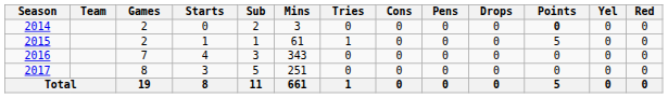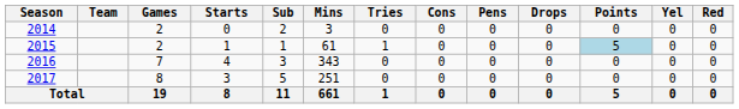 <table class="wikitable" style="text-align:center; line-height:90%; font-size:95%; width:60%;">
 <tr>
 <th>Season</th>
 <th>Team</th>
 <th>Games</th>
 <th>Starts</th>
 <th>Sub</th>
 <th>Mins</th>
 <th>Tries</th>
 <th>Cons</th>
 <th>Pens</th>
 <th>Drops</th>
 <th>Points</th>
 <th>Yel</th>
 <th>Red</th>
 </tr>
 <tr>
 <td><a href='#'>2014</a></td>
 <td></td>
 <td>2</td>
 <td>0</td>
 <td>2</td>
 <td>3</td>
 <td>0</td>
 <td>0</td>
 <td>0</td>
 <td>0</td>
-<td><strong>0</strong></td>
+<td>0</td>
 <td>0</td>
 <td>0</td>
 </tr>
 <tr>
 <td><a href='#'>2015</a></td>
 <td></td>
 <td>2</td>
 <td>1</td>
 <td>1</td>
 <td>61</td>
 <td>1</td>
 <td>0</td>
 <td>0</td>
 <td>0</td>
-<td>5</td>
+<td style="background: lightblue;">5</td>
 <td>0</td>
 <td>0</td>
 </tr>
 <tr>
 <td><a href='#'>2016</a></td>
 <td></td>
 <td>7</td>
 <td>4</td>
 <td>3</td>
 <td>343</td>
 <td>0</td>
 <td>0</td>
 <td>0</td>
 <td>0</td>
 <td>0</td>
 <td>0</td>
 <td>0</td>
 </tr>
 <tr>
 <td><a href='#'>2017</a></td>
 <td></td>
 <td>8</td>
 <td>3</td>
 <td>5</td>
 <td>251</td>
 <td>0</td>
 <td>0</td>
 <td>0</td>
 <td>0</td>
 <td>0</td>
 <td>0</td>
 <td>0</td>
 </tr>
 <tr>
 <th colspan="2">Total</th>
 <th>19</th>
 <th>8</th>
 <th>11</th>
 <th>661</th>
 <th>1</th>
 <th>0</th>
 <th>0</th>
 <th>0</th>
 <th>5</th>
 <th>0</th>
 <th>0</th>
 </tr>
 </table>
